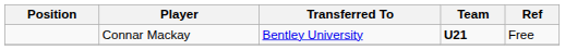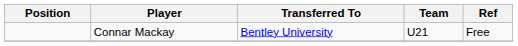 <table class="wikitable sortable" style="width:80%; text-align:center; font-size:100%; text-align:left;">
 <tr>
 <th><strong>Position</strong></th>
 <th><strong>Player</strong></th>
 <th><strong>Transferred To</strong></th>
 <th><strong>Team</strong></th>
 <th><strong>Ref</strong></th>
 </tr>
 <tr>
 <td></td>
 <td> Connar Mackay</td>
 <td> <a href='#'>Bentley University</a></td>
-<td><strong>U21</strong></td>
+<td>U21</td>
 <td>Free</td>
 </tr>
 <tr>
 </tr>
 </table>
